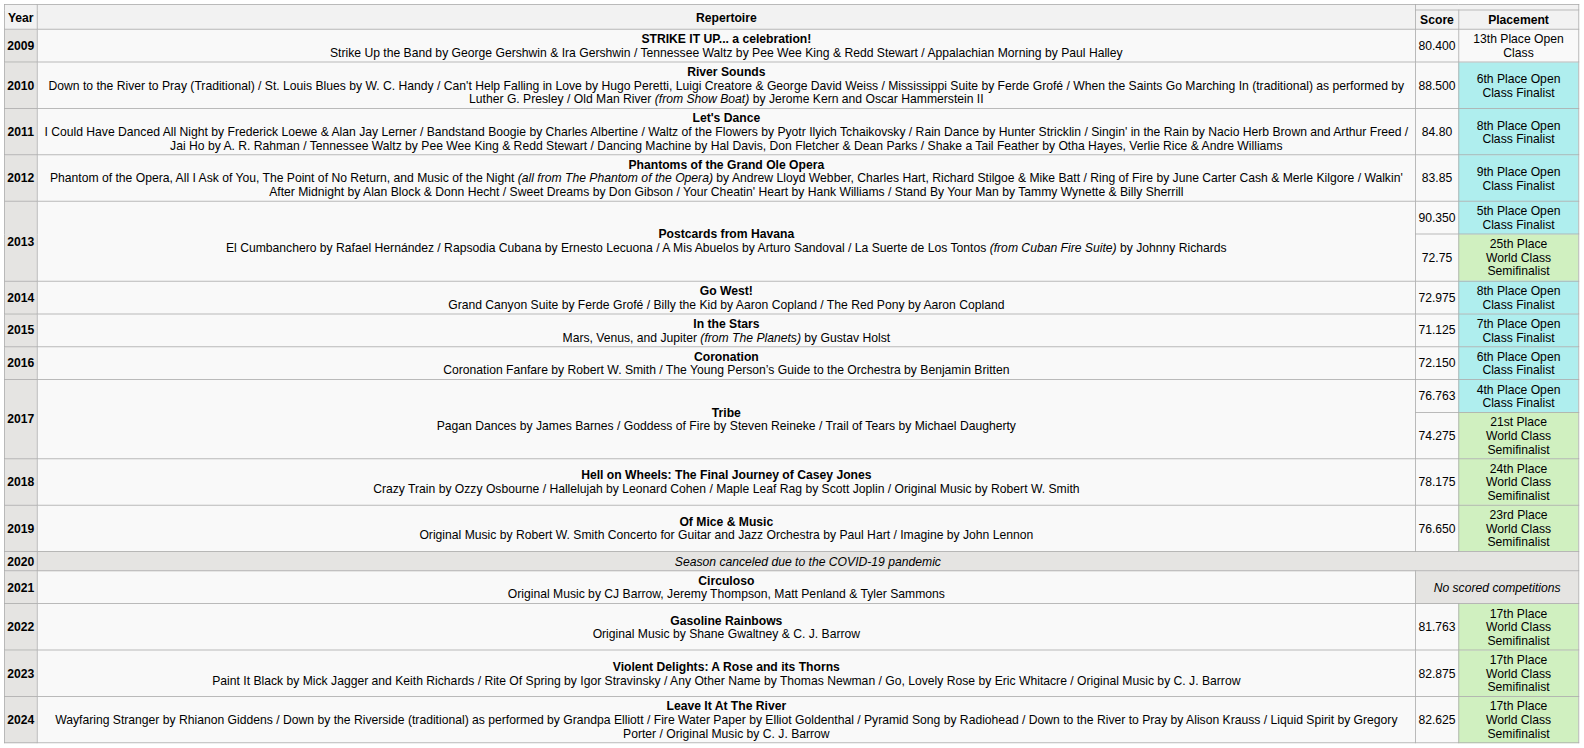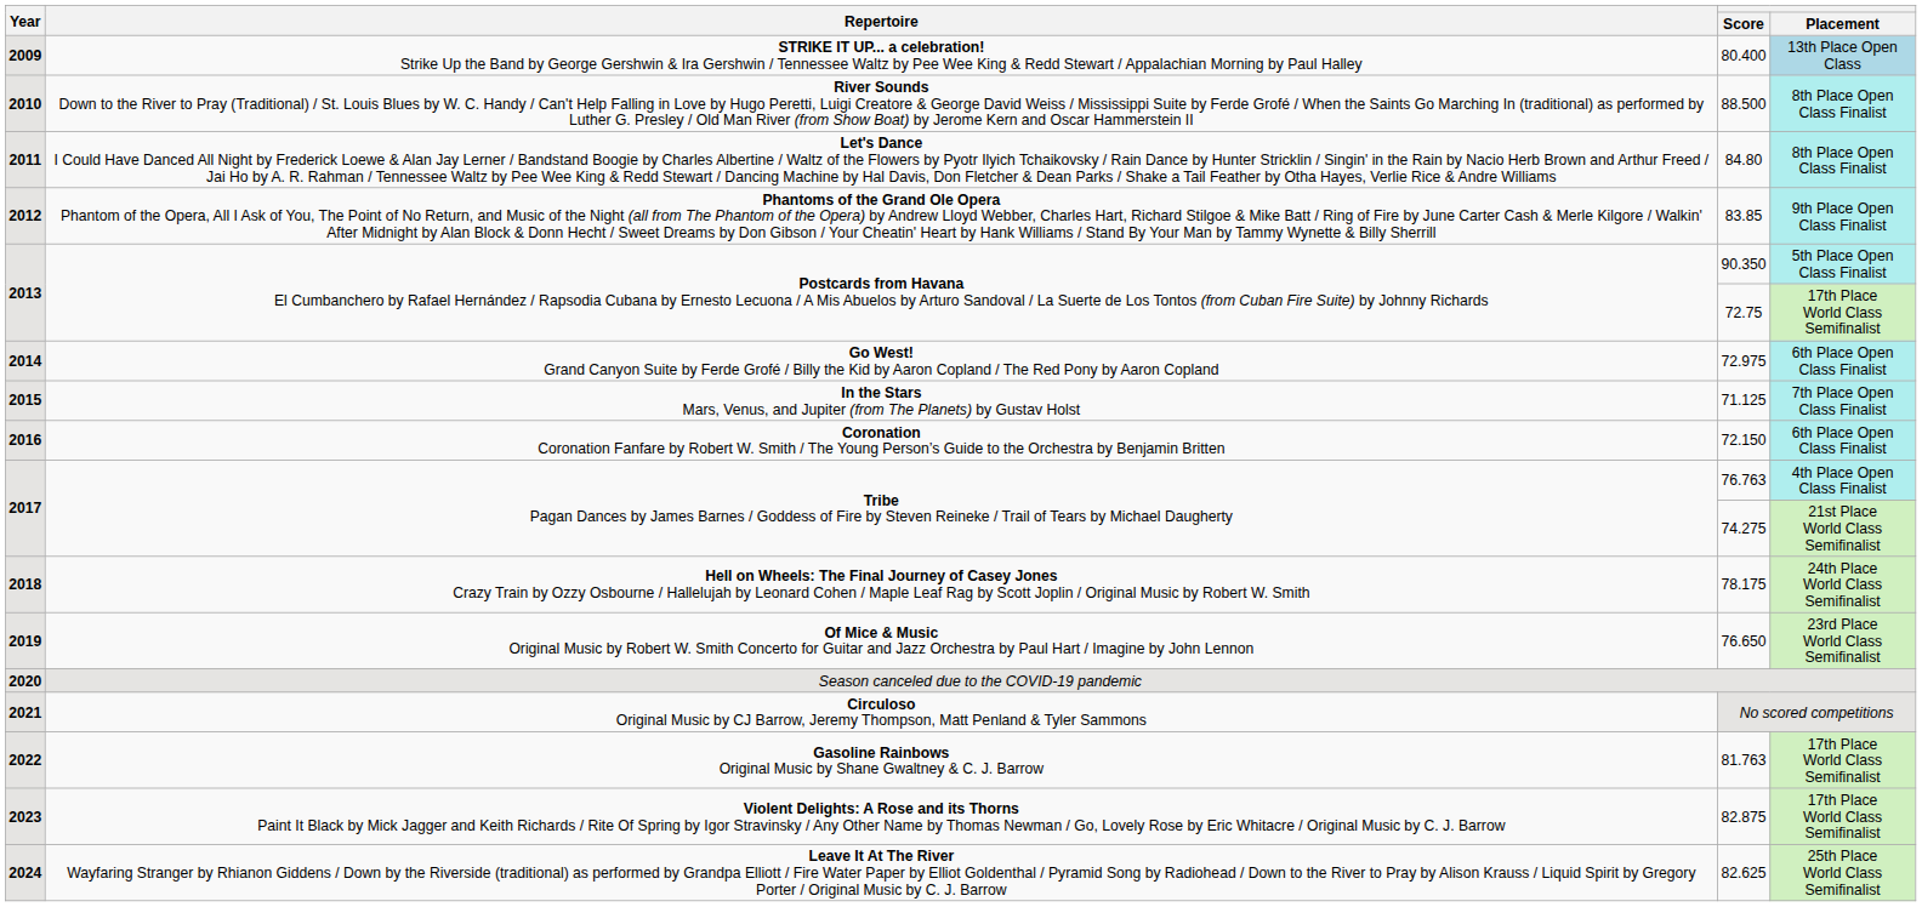 <table class="wikitable" style="text-align: center; font-size:95%;">
 <tr>
 <th scope="col" rowspan="2">Year</th>
 <th scope="col" rowspan="2">Repertoire</th>
 <th scope="col" colspan="2"></th>
 </tr>
 <tr>
 <th scope="col">Score</th>
 <th scope="col">Placement</th>
 </tr>
 <tr>
 <th scope="row" style="background-color:#e5e4e2;">2009</th>
 <td><strong>STRIKE IT UP... a celebration!</strong><br>Strike Up the Band by George Gershwin & Ira Gershwin / Tennessee Waltz by Pee Wee King & Redd Stewart / Appalachian Morning by Paul Halley</td>
 <td>80.400</td>
-<td>13th Place Open Class</td>
+<td style="background: lightblue;">13th Place Open Class</td>
 </tr>
 <tr>
 <th scope="row" style="background-color:#e5e4e2;">2010</th>
 <td><strong>River Sounds</strong><br>Down to the River to Pray (Traditional) / St. Louis Blues by W. C. Handy / Can't Help Falling in Love by Hugo Peretti, Luigi Creatore & George David Weiss / Mississippi Suite by Ferde Grofé / When the Saints Go Marching In (traditional) as performed by Luther G. Presley / Old Man River <em>(from Show Boat)</em> by Jerome Kern and Oscar Hammerstein II</td>
 <td>88.500</td>
-<td bgcolor="afeeee">6th Place Open Class Finalist</td>
+<td bgcolor="afeeee">8th Place Open Class Finalist</td>
 </tr>
 <tr>
 <th scope="row" style="background-color:#e5e4e2;">2011</th>
 <td><strong>Let's Dance</strong><br>I Could Have Danced All Night by Frederick Loewe & Alan Jay Lerner / Bandstand Boogie by Charles Albertine / Waltz of the Flowers by Pyotr Ilyich Tchaikovsky / Rain Dance by Hunter Stricklin / Singin' in the Rain by Nacio Herb Brown and Arthur Freed / Jai Ho by A. R. Rahman / Tennessee Waltz by Pee Wee King & Redd Stewart / Dancing Machine by Hal Davis, Don Fletcher & Dean Parks / Shake a Tail Feather by Otha Hayes, Verlie Rice & Andre Williams</td>
 <td>84.80</td>
 <td bgcolor="afeeee">8th Place Open Class Finalist</td>
 </tr>
 <tr>
 <th scope="row" style="background-color:#e5e4e2;">2012</th>
 <td><strong>Phantoms of the Grand Ole Opera</strong><br>Phantom of the Opera, All I Ask of You, The Point of No Return, and Music of the Night <em>(all from The</em> <em>Phantom of the Opera)</em> by Andrew Lloyd Webber, Charles Hart, Richard Stilgoe & Mike Batt / Ring of Fire by June Carter Cash & Merle Kilgore / Walkin' After Midnight by Alan Block & Donn Hecht / Sweet Dreams by Don Gibson / Your Cheatin' Heart by Hank Williams / Stand By Your Man by Tammy Wynette & Billy Sherrill</td>
 <td>83.85</td>
 <td bgcolor="afeeee">9th Place Open Class Finalist</td>
 </tr>
 <tr>
 <th rowspan="2" scope="row" style="background-color:#e5e4e2;">2013</th>
 <td rowspan="2"><strong>Postcards from Havana</strong><br>El Cumbanchero by Rafael Hernández / Rapsodia Cubana by Ernesto Lecuona / A Mis Abuelos by Arturo Sandoval / La Suerte de Los Tontos <em>(from Cuban Fire Suite)</em> by Johnny Richards</td>
 <td>90.350</td>
 <td bgcolor="afeeee">5th Place Open Class Finalist</td>
 </tr>
 <tr>
 <td>72.75</td>
-<td style="background-color:#d0f0c0;">25th Place<br>World Class<br>Semifinalist</td>
+<td style="background-color:#d0f0c0;">17th Place<br>World Class<br>Semifinalist</td>
 </tr>
 <tr>
 <th scope="row" style="background-color:#e5e4e2;">2014</th>
 <td><strong>Go West!</strong><br>Grand Canyon Suite by Ferde Grofé / Billy the Kid by Aaron Copland / The Red Pony by Aaron Copland</td>
 <td>72.975</td>
-<td bgcolor="afeeee">8th Place Open Class Finalist</td>
+<td bgcolor="afeeee">6th Place Open Class Finalist</td>
 </tr>
 <tr>
 <th scope="row" style="background-color:#e5e4e2;">2015</th>
 <td><strong>In the Stars</strong><br>Mars, Venus, and Jupiter <em>(from The Planets)</em> by Gustav Holst</td>
 <td>71.125</td>
 <td bgcolor="afeeee">7th Place Open Class Finalist</td>
 </tr>
 <tr>
 <th scope="row" style="background-color:#e5e4e2;">2016</th>
 <td><strong>Coronation</strong><br>Coronation Fanfare by Robert W. Smith / The Young Person’s Guide to the Orchestra by Benjamin Britten</td>
 <td>72.150</td>
 <td bgcolor="afeeee">6th Place Open Class Finalist</td>
 </tr>
 <tr>
 <th rowspan="2" style="background-color:#e5e4e2;">2017</th>
 <td rowspan="2"><strong>Tribe</strong><br>Pagan Dances by James Barnes / Goddess of Fire by Steven Reineke / Trail of Tears by Michael Daugherty</td>
 <td>76.763</td>
 <td bgcolor="afeeee">4th Place Open Class Finalist</td>
 </tr>
 <tr>
 <td>74.275</td>
 <td style="background-color:#d0f0c0;">21st Place<br>World Class<br>Semifinalist</td>
 </tr>
 <tr>
 <th scope="row" style="background-color:#e5e4e2;">2018</th>
 <td><strong>Hell on Wheels: The Final Journey of Casey Jones</strong><br>Crazy Train by Ozzy Osbourne / Hallelujah by Leonard Cohen / Maple Leaf Rag by Scott Joplin / Original Music by Robert W. Smith</td>
 <td>78.175</td>
 <td style="background-color:#d0f0c0;">24th Place<br>World Class<br>Semifinalist</td>
 </tr>
 <tr>
 <th scope="row" style="background-color:#e5e4e2;">2019</th>
 <td><strong>Of Mice & Music</strong><br>Original Music by Robert W. Smith Concerto for Guitar and Jazz Orchestra by Paul Hart / Imagine by John Lennon</td>
 <td>76.650</td>
 <td style="background-color:#d0f0c0;">23rd Place<br>World Class<br>Semifinalist</td>
 </tr>
 <tr>
 <th scope="row" style="background-color:#e5e4e2;">2020</th>
 <td colspan="3" bgcolor="e5e4e2"><em>Season canceled due to the COVID-19 pandemic</em></td>
 </tr>
 <tr>
 <th scope="row" style="background-color:#e5e4e2;">2021</th>
 <td><strong>Circuloso</strong><br>Original Music by CJ Barrow, Jeremy Thompson, Matt Penland & Tyler Sammons</td>
 <td colspan="2" bgcolor="e5e4e2"><em>No scored competitions</em></td>
 </tr>
 <tr>
 <th scope="row" style="background-color:#e5e4e2;">2022</th>
 <td><strong>Gasoline Rainbows</strong><br>Original Music by Shane Gwaltney & C. J. Barrow</td>
 <td>81.763</td>
 <td style="background-color:#d0f0c0;">17th Place<br>World Class<br>Semifinalist</td>
 </tr>
 <tr>
 <th scope="row" style="background-color:#e5e4e2;">2023</th>
 <td><strong>Violent Delights: A Rose and its Thorns</strong><br>Paint It Black by Mick Jagger and Keith Richards / Rite Of Spring by Igor Stravinsky / Any Other Name by Thomas Newman / Go, Lovely Rose by Eric Whitacre / Original Music by C. J. Barrow</td>
 <td>82.875</td>
 <td style="background-color:#d0f0c0;">17th Place<br>World Class<br>Semifinalist</td>
 </tr>
 <tr>
 <th scope="row" style="background-color:#e5e4e2;">2024</th>
 <td><strong>Leave It At The River</strong><br>Wayfaring Stranger by Rhianon Giddens / Down by the Riverside (traditional) as performed by Grandpa Elliott / Fire Water Paper by Elliot Goldenthal / Pyramid Song by Radiohead / Down to the River to Pray by Alison Krauss / Liquid Spirit by Gregory Porter / Original Music by C. J. Barrow</td>
 <td>82.625</td>
-<td style="background-color:#d0f0c0;">17th Place<br>World Class<br>Semifinalist</td>
+<td style="background-color:#d0f0c0;">25th Place<br>World Class<br>Semifinalist</td>
 </tr>
 </table>
